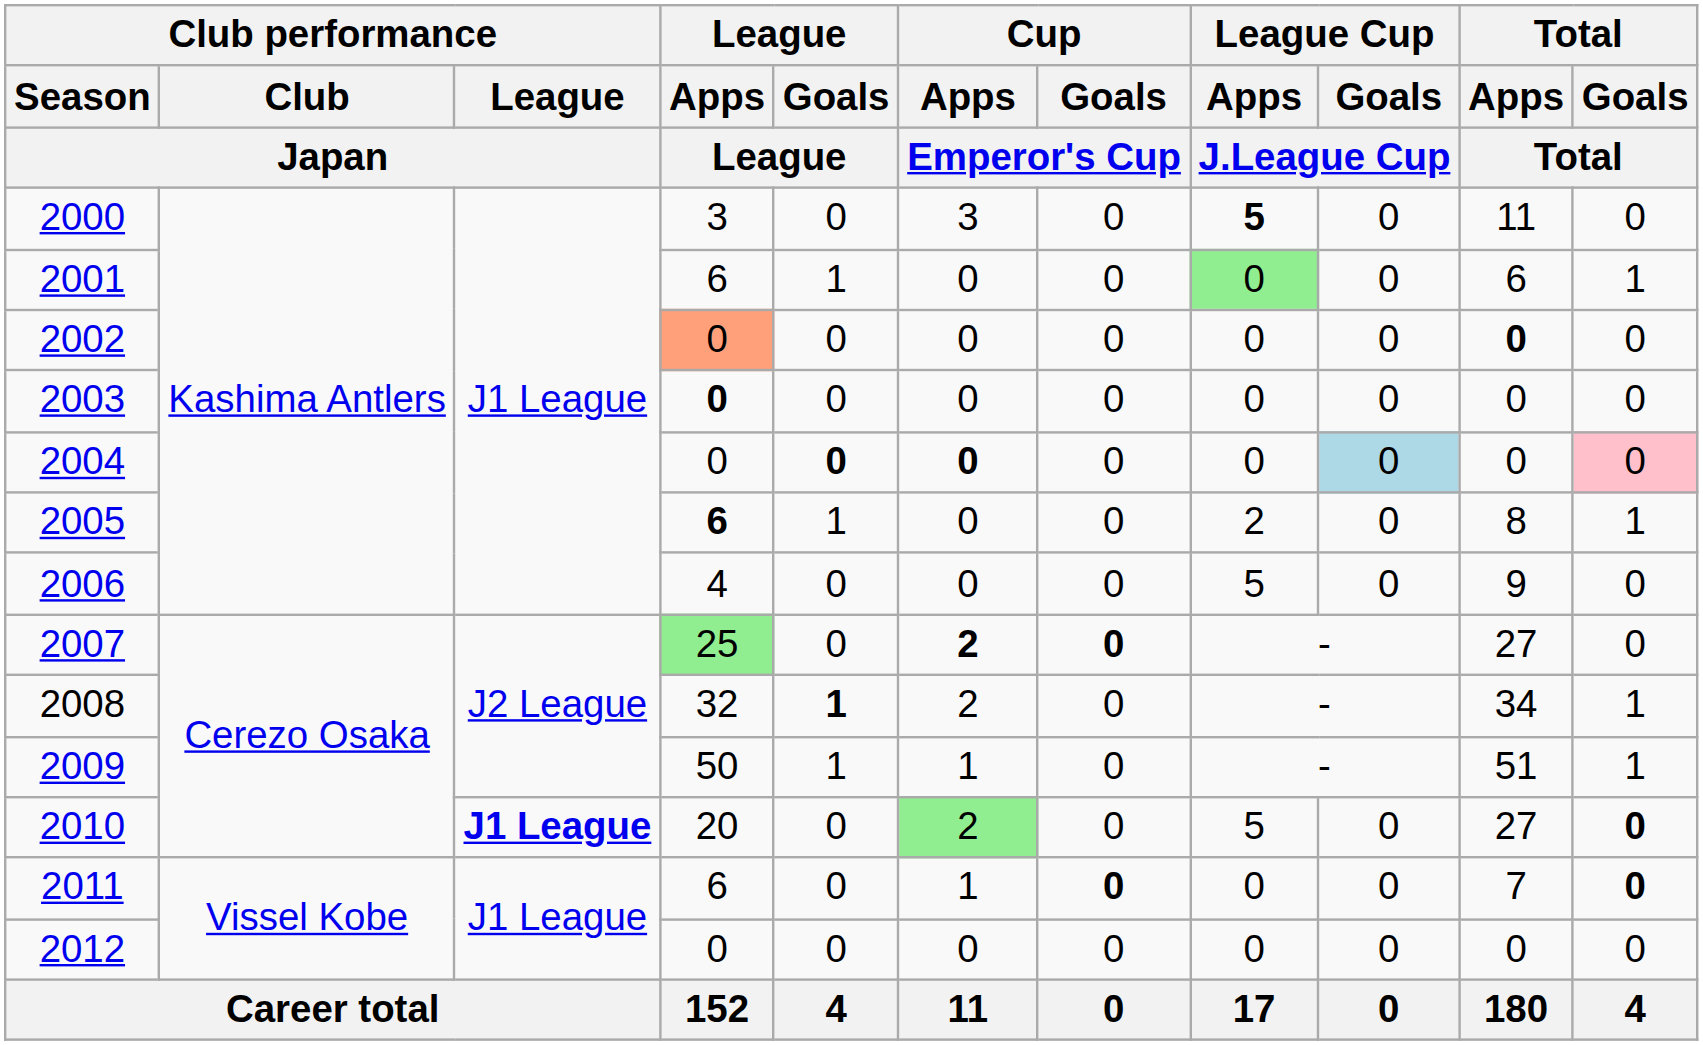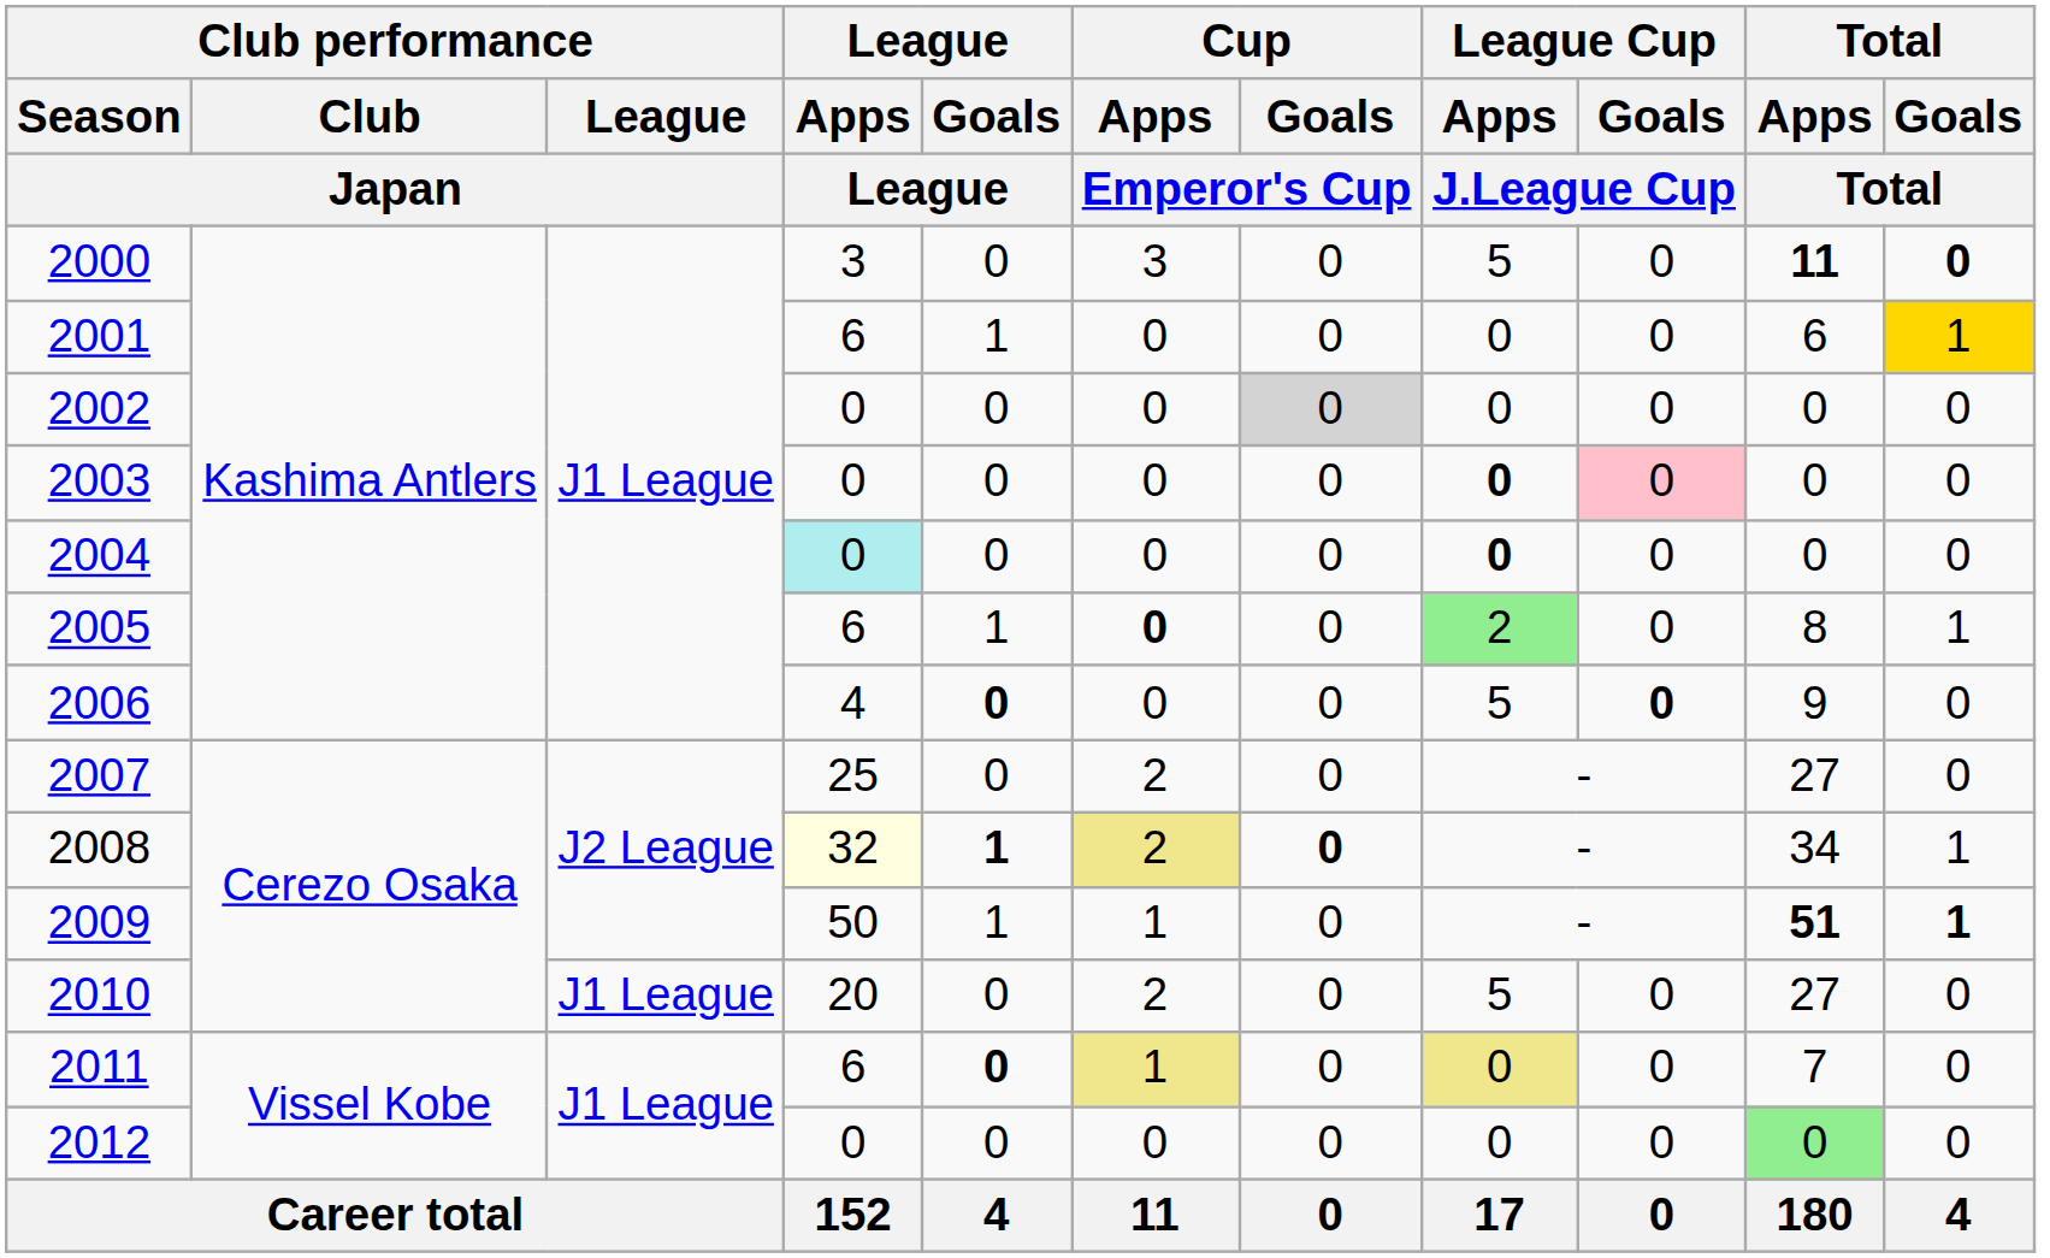 <table class="wikitable" style="text-align:center">
 <tr>
 <th colspan=3>Club performance</th>
 <th colspan=2>League</th>
 <th colspan=2>Cup</th>
 <th colspan=2>League Cup</th>
 <th colspan=2>Total</th>
 </tr>
 <tr>
 <th>Season</th>
 <th>Club</th>
 <th>League</th>
 <th>Apps</th>
 <th>Goals</th>
 <th>Apps</th>
 <th>Goals</th>
 <th>Apps</th>
 <th>Goals</th>
 <th>Apps</th>
 <th>Goals</th>
 </tr>
 <tr>
 <th colspan=3>Japan</th>
 <th colspan=2>League</th>
 <th colspan=2><a href='#'>Emperor's Cup</a></th>
 <th colspan=2><a href='#'>J.League Cup</a></th>
 <th colspan=2>Total</th>
 </tr>
 <tr>
 <td><a href='#'>2000</a></td>
 <td rowspan="7"><a href='#'>Kashima Antlers</a></td>
 <td rowspan="7"><a href='#'>J1 League</a></td>
 <td>3</td>
 <td>0</td>
 <td>3</td>
 <td>0</td>
-<td><strong>5</strong></td>
+<td>5</td>
 <td>0</td>
-<td>11</td>
-<td>0</td>
+<td><strong>11</strong></td>
+<td><strong>0</strong></td>
 </tr>
 <tr>
 <td><a href='#'>2001</a></td>
 <td>6</td>
 <td>1</td>
 <td>0</td>
 <td>0</td>
-<td style="background: lightgreen;">0</td>
+<td>0</td>
 <td>0</td>
 <td>6</td>
-<td>1</td>
+<td style="background: gold;">1</td>
 </tr>
 <tr>
 <td><a href='#'>2002</a></td>
-<td style="background: lightsalmon;">0</td>
 <td>0</td>
 <td>0</td>
 <td>0</td>
-<td>0</td>
-<td>0</td>
-<td><strong>0</strong></td>
-<td>0</td>
-</tr>
-<tr>
-<td><a href='#'>2003</a></td>
-<td><strong>0</strong></td>
-<td>0</td>
-<td>0</td>
-<td>0</td>
+<td style="background: lightgrey;">0</td>
 <td>0</td>
 <td>0</td>
 <td>0</td>
 <td>0</td>
 </tr>
 <tr>
-<td><a href='#'>2004</a></td>
+<td><a href='#'>2003</a></td>
+<td>0</td>
+<td>0</td>
+<td>0</td>
 <td>0</td>
 <td><strong>0</strong></td>
+<td style="background: pink;">0</td>
+<td>0</td>
+<td>0</td>
+</tr>
+<tr>
+<td><a href='#'>2004</a></td>
+<td style="background: paleturquoise;">0</td>
+<td>0</td>
+<td>0</td>
+<td>0</td>
 <td><strong>0</strong></td>
 <td>0</td>
 <td>0</td>
-<td style="background: lightblue;">0</td>
 <td>0</td>
-<td style="background: pink;">0</td>
 </tr>
 <tr>
 <td><a href='#'>2005</a></td>
-<td><strong>6</strong></td>
+<td>6</td>
 <td>1</td>
+<td><strong>0</strong></td>
 <td>0</td>
-<td>0</td>
-<td>2</td>
+<td style="background: lightgreen;">2</td>
 <td>0</td>
 <td>8</td>
 <td>1</td>
 </tr>
 <tr>
 <td><a href='#'>2006</a></td>
 <td>4</td>
-<td>0</td>
+<td><strong>0</strong></td>
 <td>0</td>
 <td>0</td>
 <td>5</td>
-<td>0</td>
+<td><strong>0</strong></td>
 <td>9</td>
 <td>0</td>
 </tr>
 <tr>
 <td><a href='#'>2007</a></td>
 <td rowspan="4"><a href='#'>Cerezo Osaka</a></td>
 <td rowspan="3"><a href='#'>J2 League</a></td>
-<td style="background: lightgreen;">25</td>
+<td>25</td>
 <td>0</td>
-<td><strong>2</strong></td>
-<td><strong>0</strong></td>
+<td>2</td>
+<td>0</td>
 <td colspan="2">-</td>
 <td>27</td>
 <td>0</td>
 </tr>
 <tr>
 <td>2008</td>
-<td>32</td>
+<td style="background: lightyellow;">32</td>
 <td><strong>1</strong></td>
-<td>2</td>
-<td>0</td>
+<td style="background: khaki;">2</td>
+<td><strong>0</strong></td>
 <td colspan="2">-</td>
 <td>34</td>
 <td>1</td>
 </tr>
 <tr>
 <td><a href='#'>2009</a></td>
 <td>50</td>
 <td>1</td>
 <td>1</td>
 <td>0</td>
 <td colspan="2">-</td>
-<td>51</td>
-<td>1</td>
+<td><strong>51</strong></td>
+<td><strong>1</strong></td>
 </tr>
 <tr>
 <td><a href='#'>2010</a></td>
-<td><strong><a href='#'>J1 League</a></strong></td>
+<td><a href='#'>J1 League</a></td>
 <td>20</td>
 <td>0</td>
-<td style="background: lightgreen;">2</td>
+<td>2</td>
 <td>0</td>
 <td>5</td>
 <td>0</td>
 <td>27</td>
-<td><strong>0</strong></td>
+<td>0</td>
 </tr>
 <tr>
 <td><a href='#'>2011</a></td>
 <td rowspan="2"><a href='#'>Vissel Kobe</a></td>
 <td rowspan="2"><a href='#'>J1 League</a></td>
 <td>6</td>
+<td><strong>0</strong></td>
+<td style="background: khaki;">1</td>
 <td>0</td>
-<td>1</td>
-<td><strong>0</strong></td>
-<td>0</td>
+<td style="background: khaki;">0</td>
 <td>0</td>
 <td>7</td>
-<td><strong>0</strong></td>
+<td>0</td>
 </tr>
 <tr>
 <td><a href='#'>2012</a></td>
 <td>0</td>
 <td>0</td>
 <td>0</td>
 <td>0</td>
 <td>0</td>
 <td>0</td>
-<td>0</td>
+<td style="background: lightgreen;">0</td>
 <td>0</td>
 </tr>
 <tr>
 <th colspan=3>Career total</th>
 <th>152</th>
 <th>4</th>
 <th>11</th>
 <th>0</th>
 <th>17</th>
 <th>0</th>
 <th>180</th>
 <th>4</th>
 </tr>
 </table>
